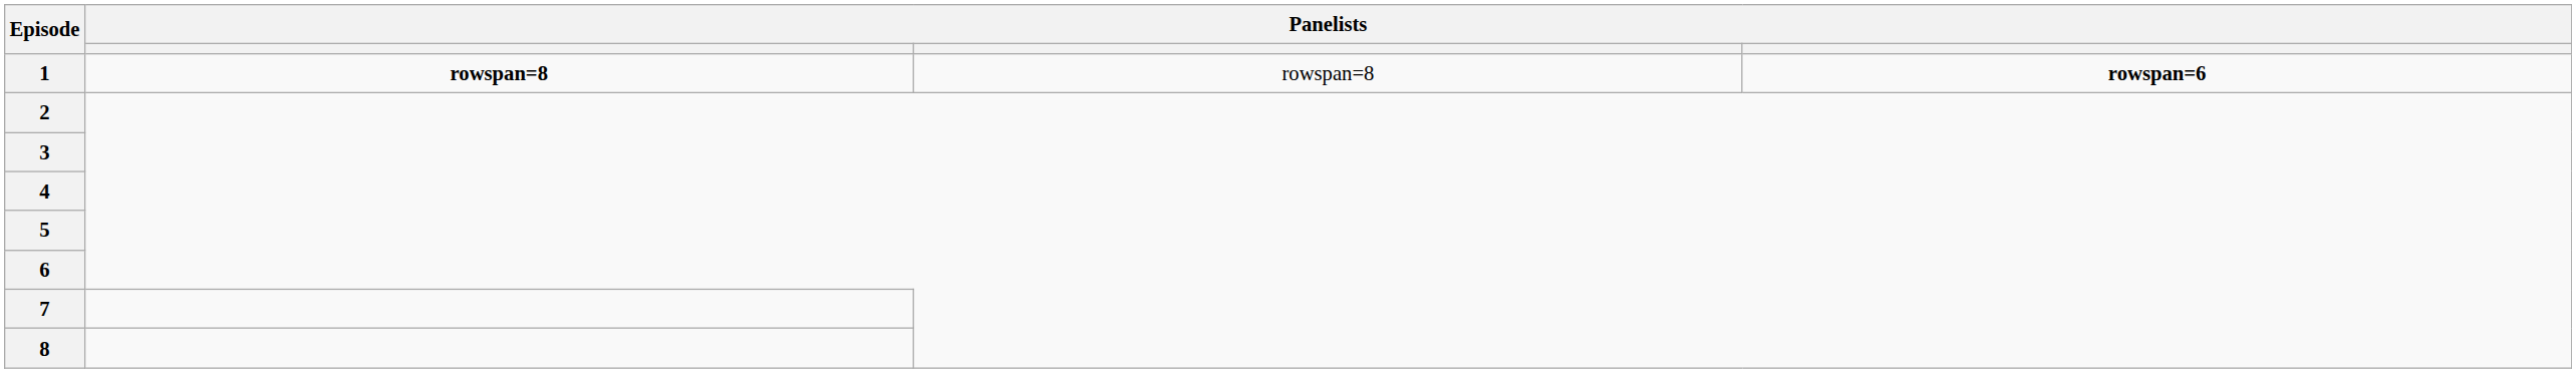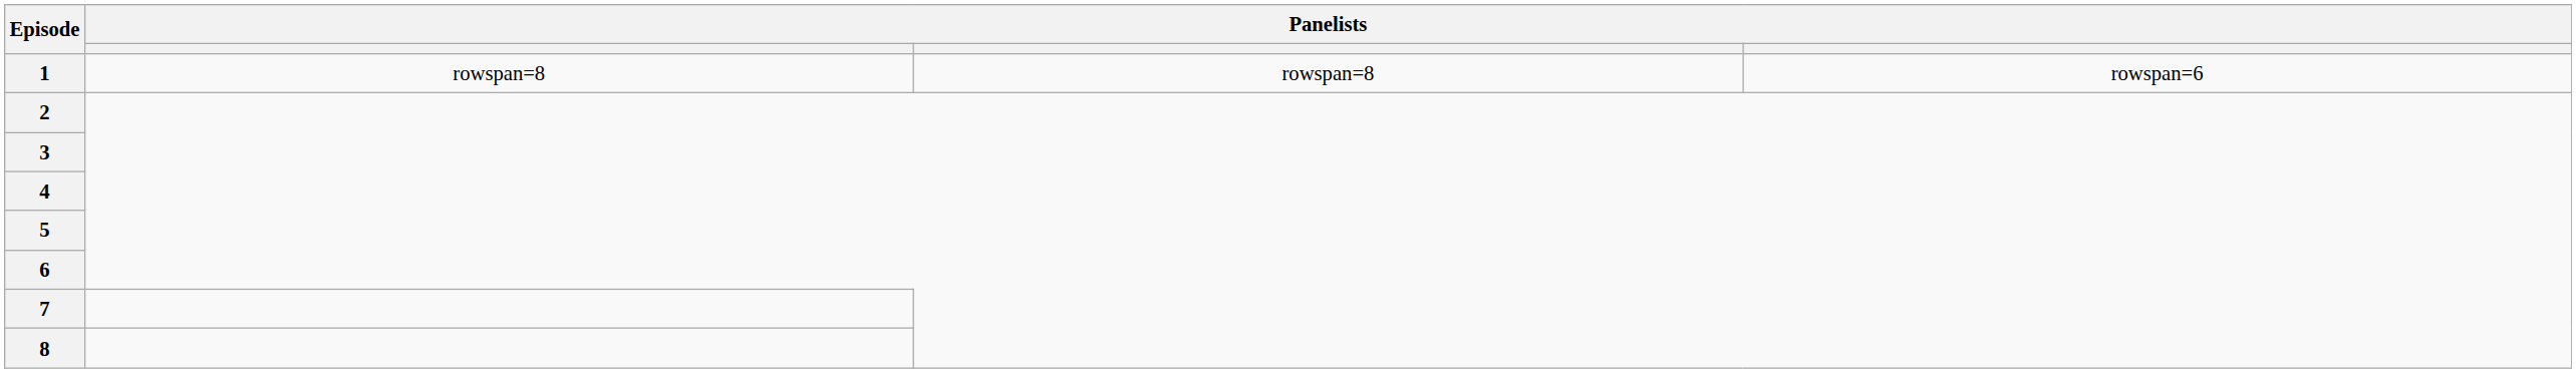 <table class="wikitable plainrowheaders mw-collapsible" style="text-align:center; line-height:23px; width:100%;">
 <tr>
 <th rowspan=2 width=1%>Episode</th>
 <th colspan=3>Panelists</th>
 </tr>
 <tr>
 <th width="33%"></th>
 <th width="33%"></th>
 <th width="33%"></th>
 </tr>
 <tr>
 <th>1</th>
-<td><strong>rowspan=8 </strong></td>
 <td>rowspan=8 </td>
-<td><strong>rowspan=6 </strong></td>
+<td>rowspan=8 </td>
+<td>rowspan=6 </td>
 </tr>
 <tr>
 <th>2</th>
 </tr>
 <tr>
 <th>3</th>
 </tr>
 <tr>
 <th>4</th>
 </tr>
 <tr>
 <th>5</th>
 </tr>
 <tr>
 <th>6</th>
 </tr>
 <tr>
 <th>7</th>
 <td></td>
 </tr>
 <tr>
 <th>8</th>
 <td></td>
 </tr>
 </table>
